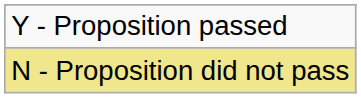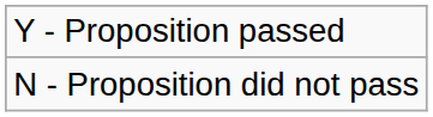 <table class="wikitable">
 <tr>
 <td>Y - Proposition passed</td>
 </tr>
 <tr>
-<td style="background: khaki;">N - Proposition did not pass</td>
+<td>N - Proposition did not pass</td>
 </tr>
 </table>
